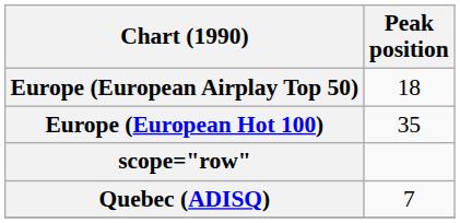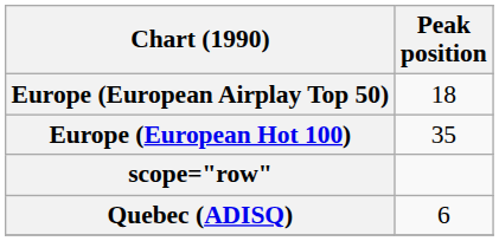 <table class="wikitable sortable plainrowheaders">
 <tr>
 <th>Chart (1990)</th>
 <th align="center">Peak<br>position</th>
 </tr>
 <tr>
 <th scope="row">Europe (European Airplay Top 50)</th>
 <td align="center">18</td>
 </tr>
 <tr>
 <th scope="row">Europe (<a href='#'>European Hot 100</a>)</th>
 <td align="center">35</td>
 </tr>
 <tr>
 <th>scope="row"</th>
 </tr>
 <tr>
 <th scope="row">Quebec (<a href='#'>ADISQ</a>)</th>
-<td align="center">7</td>
+<td align="center">6</td>
 </tr>
 <tr>
 </tr>
 </table>
